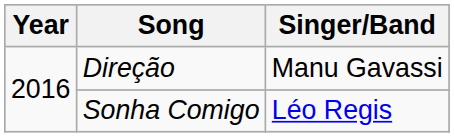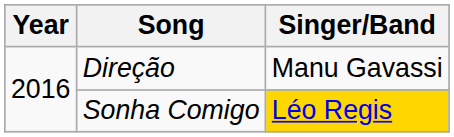 <table class="wikitable">
 <tr>
 <th>Year</th>
 <th>Song</th>
 <th>Singer/Band</th>
 </tr>
 <tr>
 <td rowspan=2>2016</td>
 <td><em>Direção</em></td>
 <td>Manu Gavassi</td>
 </tr>
 <tr>
 <td><em>Sonha Comigo</em></td>
-<td><a href='#'>Léo Regis</a></td>
+<td style="background: gold;"><a href='#'>Léo Regis</a></td>
 </tr>
 </table>
